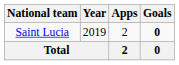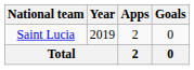 <table class=wikitable style=text-align:center>
 <tr>
 <th>National team</th>
 <th>Year</th>
 <th>Apps</th>
 <th>Goals</th>
 </tr>
 <tr>
 <td><a href='#'>Saint Lucia</a></td>
 <td>2019</td>
 <td>2</td>
-<td><strong>0</strong></td>
+<td>0</td>
 </tr>
 <tr>
 <th colspan=2>Total</th>
 <th>2</th>
 <th>0</th>
 </tr>
 </table>
